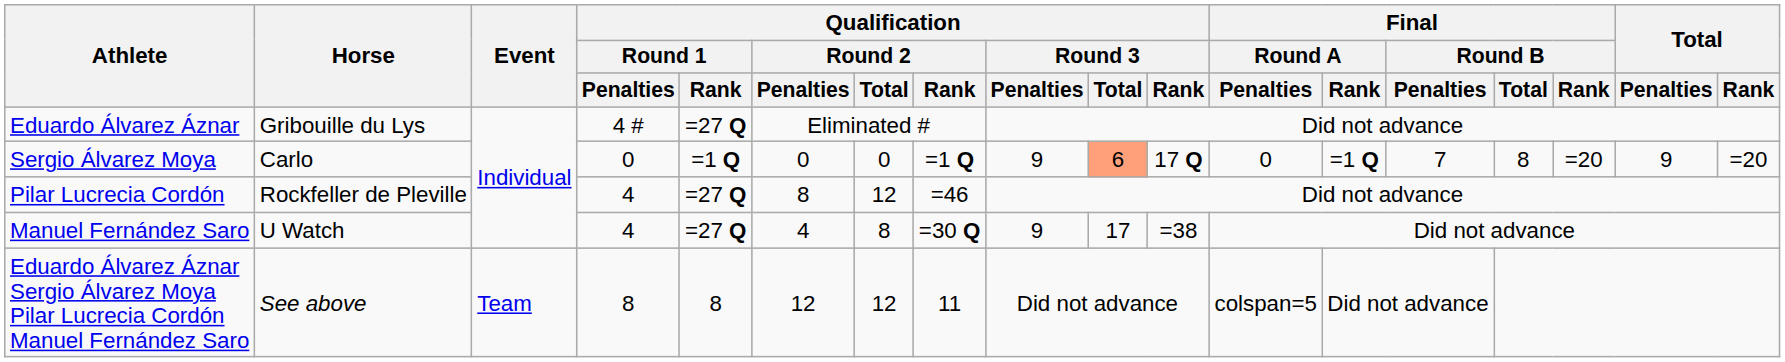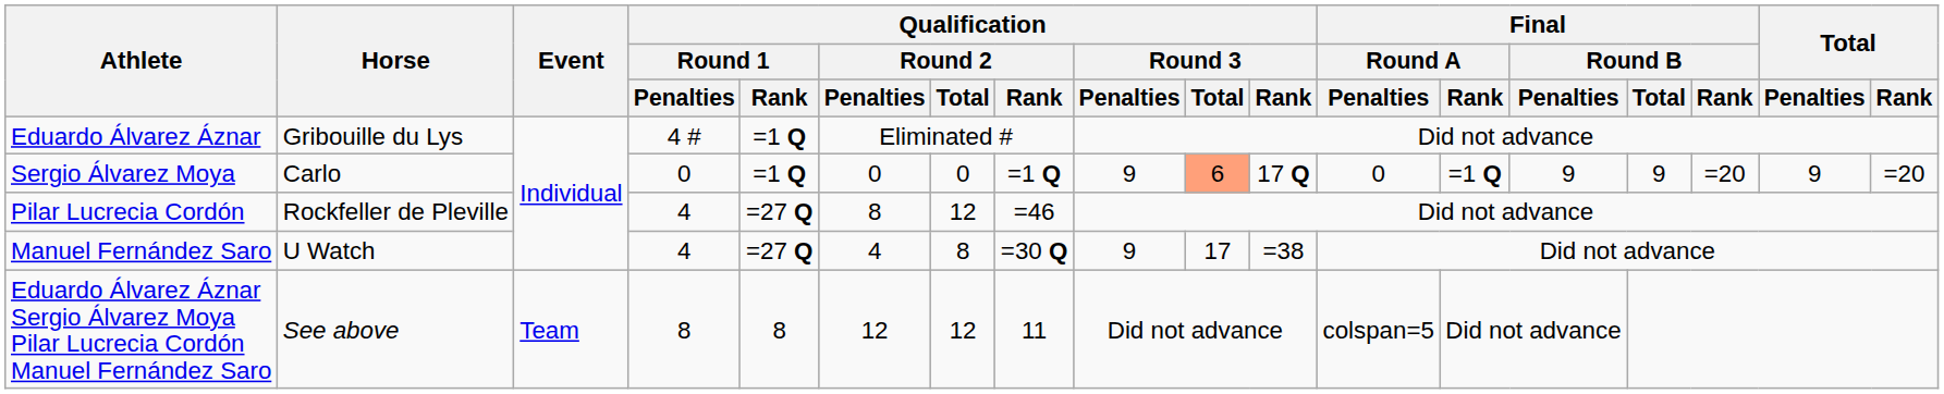 <table class="wikitable" style="font-size:90%">
 <tr>
 <th rowspan="3">Athlete</th>
 <th rowspan="3">Horse</th>
 <th rowspan="3">Event</th>
 <th colspan="8">Qualification</th>
 <th colspan="5">Final</th>
 <th rowspan=2 colspan="2">Total</th>
 </tr>
 <tr style="font-size:95%">
 <th colspan="2">Round 1</th>
 <th colspan="3">Round 2</th>
 <th colspan="3">Round 3</th>
 <th colspan="2">Round A</th>
 <th colspan="3">Round B</th>
 </tr>
 <tr style="font-size:95%">
 <th>Penalties</th>
 <th>Rank</th>
 <th>Penalties</th>
 <th>Total</th>
 <th>Rank</th>
 <th>Penalties</th>
 <th>Total</th>
 <th>Rank</th>
 <th>Penalties</th>
 <th>Rank</th>
 <th>Penalties</th>
 <th>Total</th>
 <th>Rank</th>
 <th>Penalties</th>
 <th>Rank</th>
 </tr>
 <tr align=center>
 <td align=left><a href='#'>Eduardo Álvarez Áznar</a></td>
 <td align=left>Gribouille du Lys</td>
 <td rowspan="4" style="text-align:left;"><a href='#'>Individual</a></td>
 <td>4 #</td>
-<td>=27 <strong>Q</strong></td>
+<td>=1 <strong>Q</strong></td>
 <td colspan=3>Eliminated #</td>
 <td colspan=10>Did not advance</td>
 </tr>
 <tr align=center>
 <td align=left><a href='#'>Sergio Álvarez Moya</a></td>
 <td align=left>Carlo</td>
 <td>0</td>
 <td>=1 <strong>Q</strong></td>
 <td>0</td>
 <td>0</td>
 <td>=1 <strong>Q</strong></td>
 <td>9</td>
 <td style="background: lightsalmon;">6</td>
 <td>17 <strong>Q</strong></td>
 <td>0</td>
 <td>=1 <strong>Q</strong></td>
-<td>7</td>
-<td>8</td>
+<td>9</td>
+<td>9</td>
 <td>=20</td>
 <td>9</td>
 <td>=20</td>
 </tr>
 <tr align=center>
 <td align=left><a href='#'>Pilar Lucrecia Cordón</a></td>
 <td align=left>Rockfeller de Pleville</td>
 <td>4</td>
 <td>=27 <strong>Q</strong></td>
 <td>8</td>
 <td>12</td>
 <td>=46</td>
 <td colspan=10>Did not advance</td>
 </tr>
 <tr align=center>
 <td align=left><a href='#'>Manuel Fernández Saro</a></td>
 <td align=left>U Watch</td>
 <td>4</td>
 <td>=27 <strong>Q</strong></td>
 <td>4</td>
 <td>8</td>
 <td>=30 <strong>Q</strong></td>
 <td>9</td>
 <td>17</td>
 <td>=38</td>
 <td colspan=7>Did not advance</td>
 </tr>
 <tr align=center>
 <td align=left><a href='#'>Eduardo Álvarez Áznar</a><br><a href='#'>Sergio Álvarez Moya</a><br><a href='#'>Pilar Lucrecia Cordón</a><br><a href='#'>Manuel Fernández Saro</a></td>
 <td align=left><em>See above</em></td>
 <td align=left><a href='#'>Team</a></td>
 <td>8</td>
 <td>8</td>
 <td>12</td>
 <td>12</td>
 <td>11</td>
 <td colspan=3>Did not advance</td>
 <td>colspan=5 </td>
 <td colspan=2>Did not advance</td>
 </tr>
 </table>
